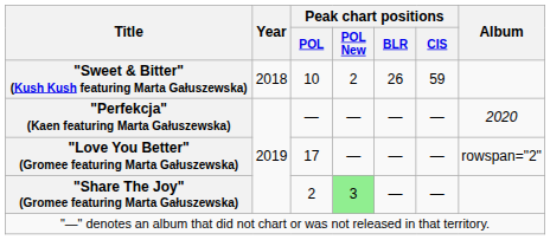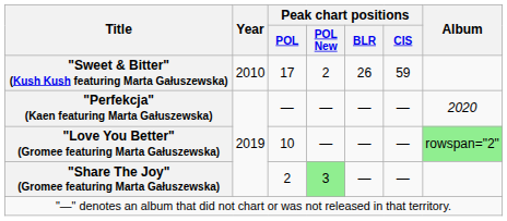 <table class="wikitable plainrowheaders" style="text-align:center;">
 <tr>
 <th scope="col" rowspan="2"  style="width:17em;">Title</th>
 <th scope="col" rowspan="2"  style="width:1em;">Year</th>
 <th scope="col" colspan="4">Peak chart positions</th>
 <th scope="col" rowspan="2">Album</th>
 </tr>
 <tr>
 <th scope="col" style="width:3em;font-size:85%;"><a href='#'>POL</a><br></th>
 <th scope="col" style="width:3em;font-size:85%;"><a href='#'>POL<br>New</a><br></th>
 <th scope="col" style="width:3em;font-size:85%;"><a href='#'>BLR</a><br></th>
 <th scope="col" style="width:3em;font-size:85%;"><a href='#'>CIS</a><br></th>
 </tr>
 <tr>
 <th scope="row">"Sweet & Bitter"<br><small>(<a href='#'>Kush Kush</a> featuring Marta Gałuszewska)</small></th>
-<td>2018</td>
-<td>10</td>
+<td>2010</td>
+<td>17</td>
 <td>2</td>
 <td>26</td>
 <td>59</td>
 <td></td>
 </tr>
 <tr>
 <th scope="row">"Perfekcja"<br><small>(Kaen featuring Marta Gałuszewska)</small></th>
 <td rowspan="3">2019</td>
 <td>—</td>
 <td>—</td>
 <td>—</td>
 <td>—</td>
 <td><em>2020</em></td>
 </tr>
 <tr>
 <th scope="row">"Love You Better"<br><small>(Gromee featuring Marta Gałuszewska)</small></th>
-<td>17</td>
+<td>10</td>
 <td>—</td>
 <td>—</td>
 <td>—</td>
-<td>rowspan="2" </td>
+<td style="background: lightgreen;">rowspan="2" </td>
 </tr>
 <tr>
 <th scope="row">"Share The Joy"<br><small>(Gromee featuring Marta Gałuszewska)</small></th>
 <td>2</td>
 <td style="background: lightgreen;">3</td>
 <td>—</td>
 <td>—</td>
 </tr>
 <tr>
 <td colspan="8" style="font-size:90%">"—" denotes an album that did not chart or was not released in that territory.</td>
 </tr>
 </table>
